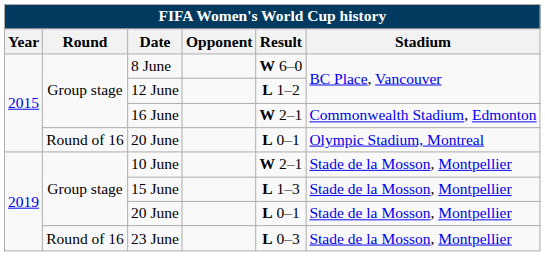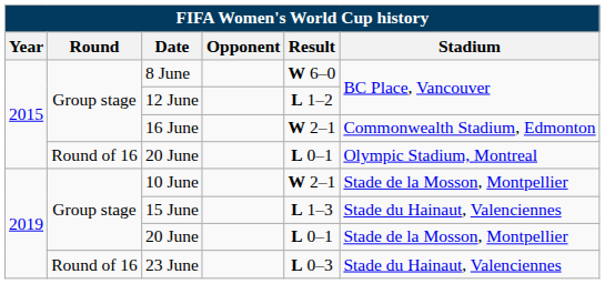 <table class="wikitable collapsible" style="text-align: center;font-size:100%;">
 <tr>
 <th colspan=6 style="background: #013A5E; color: #FFFFFF;">FIFA Women's World Cup history</th>
 </tr>
 <tr>
 <th>Year</th>
 <th>Round</th>
 <th>Date</th>
 <th>Opponent</th>
 <th>Result</th>
 <th>Stadium</th>
 </tr>
 <tr>
 <td rowspan=4> <a href='#'>2015</a></td>
 <td rowspan=3>Group stage</td>
 <td align="left">8 June</td>
 <td align="left"></td>
 <td><strong>W</strong> 6–0</td>
 <td rowspan=2 align="left"><a href='#'>BC Place</a>, <a href='#'>Vancouver</a></td>
 </tr>
 <tr>
 <td align="left">12 June</td>
 <td align="left"></td>
 <td><strong>L</strong> 1–2</td>
 </tr>
 <tr>
 <td align="left">16 June</td>
 <td align="left"></td>
 <td><strong>W</strong> 2–1</td>
 <td align="left"><a href='#'>Commonwealth Stadium</a>, <a href='#'>Edmonton</a></td>
 </tr>
 <tr>
 <td>Round of 16</td>
 <td align="left">20 June</td>
 <td align="left"></td>
 <td><strong>L</strong> 0–1</td>
 <td align="left"><a href='#'>Olympic Stadium, Montreal</a></td>
 </tr>
 <tr>
 <td rowspan=4> <a href='#'>2019</a></td>
 <td rowspan=3>Group stage</td>
 <td align="left">10 June</td>
 <td align="left"></td>
 <td><strong>W</strong> 2–1</td>
 <td align="left"><a href='#'>Stade de la Mosson</a>, <a href='#'>Montpellier</a></td>
 </tr>
 <tr>
 <td align="left">15 June</td>
 <td align="left"></td>
 <td><strong>L</strong> 1–3</td>
-<td align="left"><a href='#'>Stade de la Mosson</a>, <a href='#'>Montpellier</a></td>
+<td align="left"><a href='#'>Stade du Hainaut</a>, <a href='#'>Valenciennes</a></td>
 </tr>
 <tr>
 <td align="left">20 June</td>
 <td align="left"></td>
 <td><strong>L</strong> 0–1</td>
 <td align="left"><a href='#'>Stade de la Mosson</a>, <a href='#'>Montpellier</a></td>
 </tr>
 <tr>
 <td>Round of 16</td>
 <td align="left">23 June</td>
 <td align="left"></td>
 <td><strong>L</strong> 0–3</td>
-<td align="left"><a href='#'>Stade de la Mosson</a>, <a href='#'>Montpellier</a></td>
+<td align="left"><a href='#'>Stade du Hainaut</a>, <a href='#'>Valenciennes</a></td>
 </tr>
 </table>
